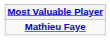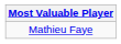 <table class=wikitable style="text-align:center; margin:auto">
 <tr>
 <th><a href='#'>Most Valuable Player</a></th>
 </tr>
 <tr>
-<td><strong> <a href='#'>Mathieu Faye</a></strong></td>
+<td> <a href='#'>Mathieu Faye</a></td>
 </tr>
 </table>
